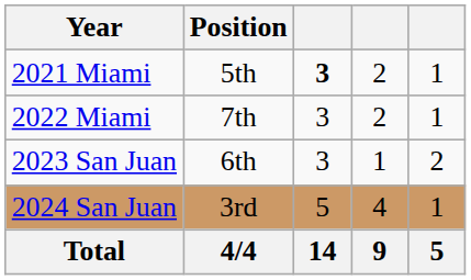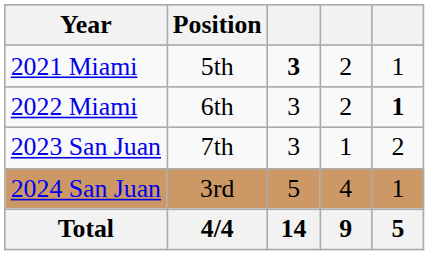 <table class="wikitable" style="text-align: center;">
 <tr>
 <th>Year</th>
 <th>Position</th>
 <th width="25px"></th>
 <th width="25px"></th>
 <th width="25px"></th>
 </tr>
 <tr>
 <td style="text-align: left;"> <a href='#'>2021 Miami</a></td>
 <td>5th</td>
 <td><strong>3</strong></td>
 <td>2</td>
 <td>1</td>
 </tr>
 <tr>
 <td style="text-align: left;"> <a href='#'>2022 Miami</a></td>
-<td>7th</td>
+<td>6th</td>
 <td>3</td>
 <td>2</td>
-<td>1</td>
+<td><strong>1</strong></td>
 </tr>
 <tr>
 <td style="text-align: left;"> <a href='#'>2023 San Juan</a></td>
-<td>6th</td>
+<td>7th</td>
 <td>3</td>
 <td>1</td>
 <td>2</td>
 </tr>
 <tr bgcolor="cc9966">
 <td style="text-align: left;"> <a href='#'>2024 San Juan</a></td>
 <td>3rd</td>
 <td>5</td>
 <td>4</td>
 <td>1</td>
 </tr>
 <tr>
 <th>Total</th>
 <th>4/4</th>
 <th>14</th>
 <th>9</th>
 <th>5</th>
 </tr>
 </table>
